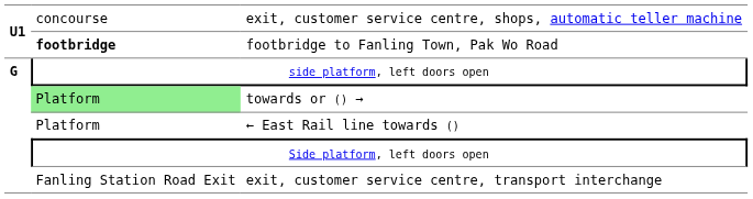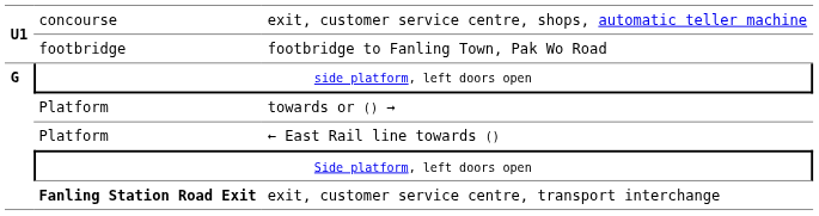 <table border=0 cellspacing=0 cellpadding=5px>
 <tr>
 <td style="border-top:solid 1px gray;border-bottom:solid 1px gray;" rowspan=2><strong>U1</strong></td>
 <td style="border-top:solid 1px gray;border-bottom:solid 1px gray;">concourse</td>
 <td style="border-top:solid 1px gray;border-bottom:solid 1px gray;">exit, customer service centre, shops, <a href='#'>automatic teller machine</a></td>
 </tr>
 <tr>
-<td style="border-bottom:solid 1px gray;"><strong>footbridge</strong></td>
+<td style="border-bottom:solid 1px gray;">footbridge</td>
 <td style="border-bottom:solid 1px gray;">footbridge to Fanling Town, Pak Wo Road</td>
 </tr>
 <tr>
 <td style="border-bottom:solid 1px gray;vertical-align:top;" rowspan=9><strong>G</strong></td>
 </tr>
 <tr>
 <td style="border-right:solid 2px black;border-left:solid 2px black;border-bottom:solid 2px black;text-align:center;" colspan=2><small><a href='#'>side platform</a>, left doors open</small></td>
 </tr>
 <tr>
-<td style="background: lightgreen; border-bottom:solid 1px gray;">Platform </td>
+<td style="border-bottom:solid 1px gray;">Platform </td>
 <td style="border-bottom:solid 1px gray;">  towards  or  <small>()</small> →</td>
 </tr>
 <tr>
 <td>Platform </td>
 <td>←  East Rail line towards  <small>()</small></td>
 </tr>
 <tr>
 <td style="border-top:solid 2px black;border-right:solid 2px black;border-left:solid 2px black;border-bottom:solid 1px gray;text-align:center;" colspan=2><small><a href='#'>Side platform</a>, left doors open</small></td>
 </tr>
 <tr>
-<td style="border-bottom:solid 1px gray;">Fanling Station Road Exit</td>
+<td style="border-bottom:solid 1px gray;"><strong>Fanling Station Road Exit</strong></td>
 <td style="border-bottom:solid 1px gray;">exit, customer service centre, transport interchange</td>
 </tr>
 </table>
